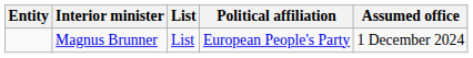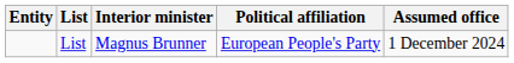 <table class="sortable wikitable">
 <tr>
 <th>Entity</th>
+<th>List</th>
 <th>Interior minister</th>
-<th>List</th>
 <th>Political affiliation</th>
 <th>Assumed office</th>
 </tr>
 <tr>
 <td></td>
+<td><a href='#'>List</a></td>
 <td><a href='#'>Magnus Brunner</a></td>
-<td><a href='#'>List</a></td>
 <td><a href='#'>European People's Party</a> </td>
 <td>1 December 2024</td>
 </tr>
 </table>
